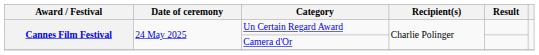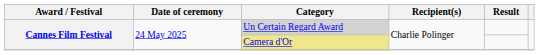 <table class="wikitable sortable plainrowheaders" style="width: 100%;">
 <tr>
 <th scope="col">Award / Festival</th>
 <th scope="col">Date of ceremony</th>
 <th scope="col">Category</th>
 <th scope="col">Recipient(s)</th>
 <th scope="col">Result</th>
 <th scope="col" class="unsortable"></th>
 </tr>
 <tr>
 <th rowspan="2" scope="row"><a href='#'>Cannes Film Festival</a></th>
 <td rowspan="2"><a href='#'>24 May 2025</a></td>
-<td><a href='#'>Un Certain Regard Award</a></td>
+<td style="background: lightgrey;"><a href='#'>Un Certain Regard Award</a></td>
 <td rowspan="2">Charlie Polinger</td>
 <td></td>
 <td align="center" rowspan="2"></td>
 </tr>
 <tr>
-<td><a href='#'>Camera d'Or</a></td>
+<td style="background: khaki;"><a href='#'>Camera d'Or</a></td>
 <td></td>
 </tr>
 <tr>
 </tr>
 </table>
